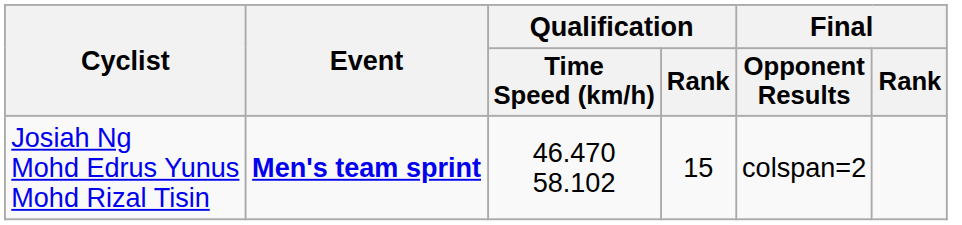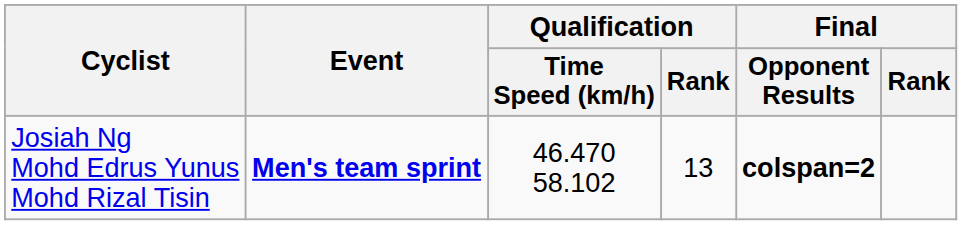 <table class="wikitable" style="font-size:90%">
 <tr>
 <th rowspan=2>Cyclist</th>
 <th rowspan=2>Event</th>
 <th colspan=2>Qualification</th>
 <th colspan=2>Final</th>
 </tr>
 <tr style="font-size:95%">
 <th>Time<br>Speed (km/h)</th>
 <th>Rank</th>
 <th>Opponent<br>Results</th>
 <th>Rank</th>
 </tr>
 <tr align=center>
 <td align=left><a href='#'>Josiah Ng</a><br><a href='#'>Mohd Edrus Yunus</a><br><a href='#'>Mohd Rizal Tisin</a></td>
 <td align=left><strong><a href='#'>Men's team sprint</a></strong></td>
 <td>46.470<br>58.102</td>
-<td>15</td>
-<td>colspan=2 </td>
+<td>13</td>
+<td><strong>colspan=2 </strong></td>
 </tr>
 </table>
